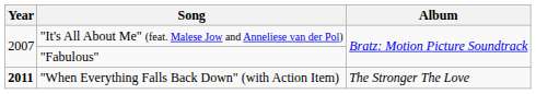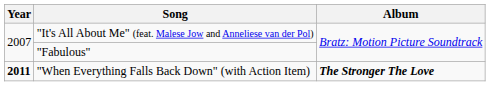 <table class="wikitable">
 <tr>
 <th>Year</th>
 <th>Song</th>
 <th>Album</th>
 </tr>
 <tr>
 <td rowspan=2>2007</td>
 <td>"It's All About Me" <small>(feat. <a href='#'>Malese Jow</a> and <a href='#'>Anneliese van der Pol</a>)</small></td>
 <td rowspan=2><em><a href='#'>Bratz: Motion Picture Soundtrack</a></em></td>
 </tr>
 <tr>
 <td>"Fabulous"</td>
 </tr>
 <tr>
 <td><strong>2011</strong></td>
 <td>"When Everything Falls Back Down" (with Action Item)</td>
-<td><em>The Stronger The Love</em></td>
+<td><strong><em>The Stronger The Love</em></strong></td>
 </tr>
 </table>
